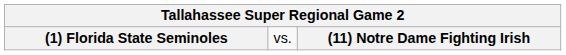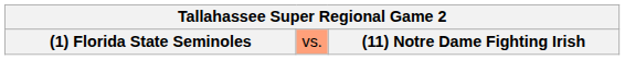 <table class="wikitable">
 <tr>
 <th style="width: 604px;" colspan=3>Tallahassee Super Regional Game 2</th>
 </tr>
 <tr>
 <th style="width: 289px; ">(1) Florida State Seminoles</th>
-<td style="width: 25px; text-align:center">vs.</td>
+<td style="background: lightsalmon; width: 25px; text-align:center">vs.</td>
 <th style="width: 289px; ">(11) Notre Dame Fighting Irish</th>
 </tr>
 </table>
